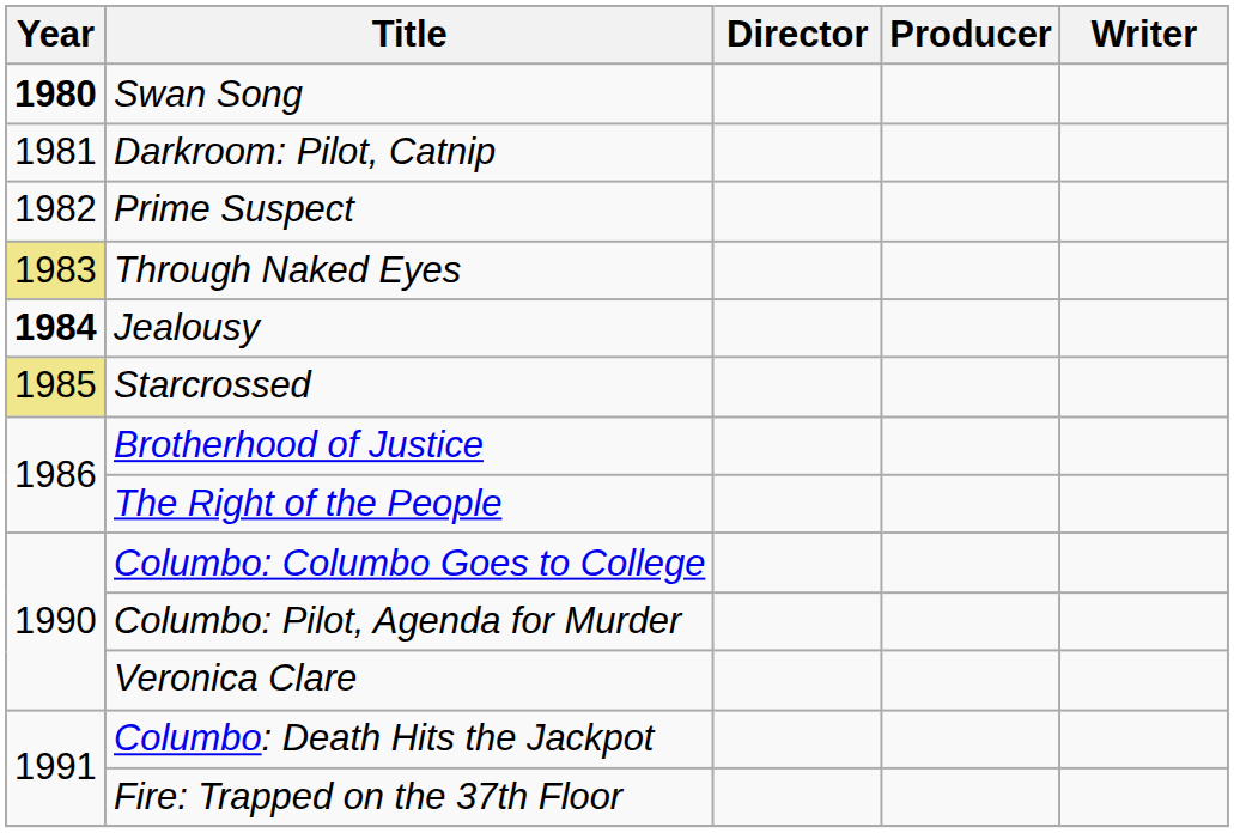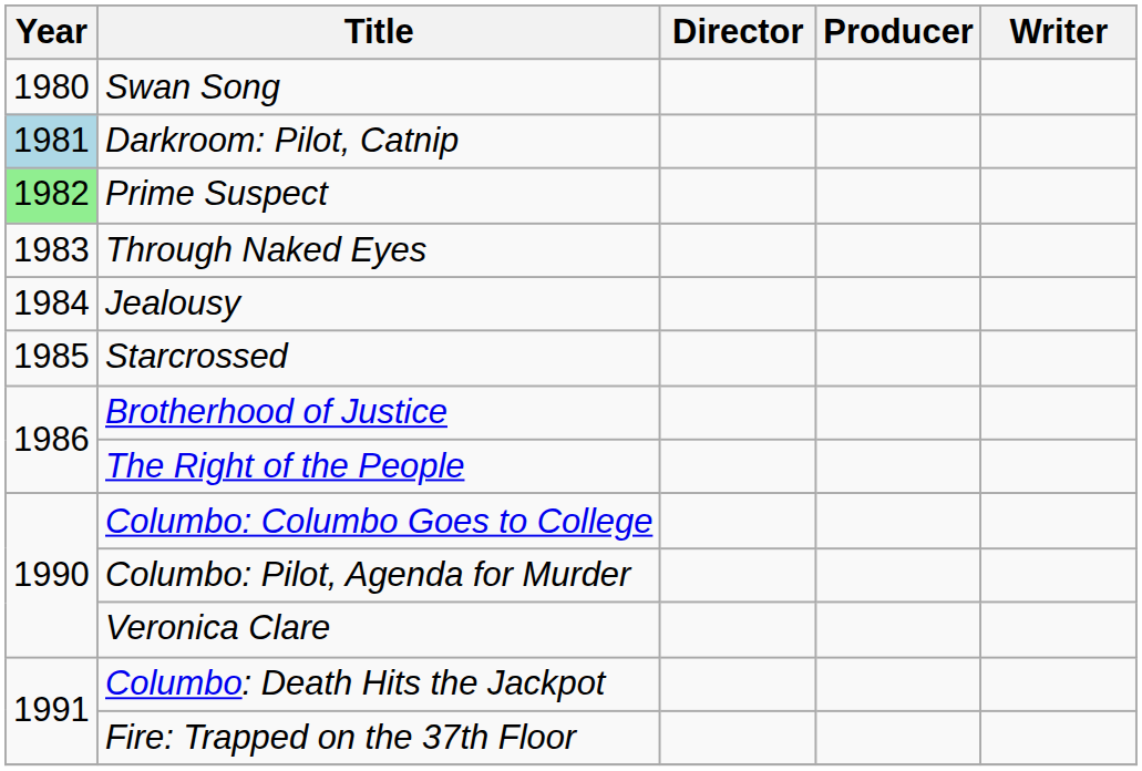 <table class="wikitable">
 <tr>
 <th>Year</th>
 <th>Title</th>
 <th width=65>Director</th>
 <th width=65>Producer</th>
 <th width=65>Writer</th>
 </tr>
 <tr>
-<td><strong>1980</strong></td>
+<td>1980</td>
 <td><em>Swan Song</em></td>
 <td></td>
 <td></td>
 <td></td>
 </tr>
 <tr>
-<td>1981</td>
+<td style="background: lightblue;">1981</td>
 <td><em>Darkroom: Pilot, Catnip</em></td>
 <td></td>
 <td></td>
 <td></td>
 </tr>
 <tr>
-<td>1982</td>
+<td style="background: lightgreen;">1982</td>
 <td><em>Prime Suspect</em></td>
 <td></td>
 <td></td>
 <td></td>
 </tr>
 <tr>
-<td style="background: khaki;">1983</td>
+<td>1983</td>
 <td><em>Through Naked Eyes</em></td>
 <td></td>
 <td></td>
 <td></td>
 </tr>
 <tr>
-<td><strong>1984</strong></td>
+<td>1984</td>
 <td><em>Jealousy</em></td>
 <td></td>
 <td></td>
 <td></td>
 </tr>
 <tr>
-<td style="background: khaki;">1985</td>
+<td>1985</td>
 <td><em>Starcrossed</em></td>
 <td></td>
 <td></td>
 <td></td>
 </tr>
 <tr>
 <td rowspan=2>1986</td>
 <td><em><a href='#'>Brotherhood of Justice</a></em></td>
 <td></td>
 <td></td>
 <td></td>
 </tr>
 <tr>
 <td><em><a href='#'>The Right of the People</a></em></td>
 <td></td>
 <td></td>
 <td></td>
 </tr>
 <tr>
 <td rowspan=3>1990</td>
 <td><em><a href='#'>Columbo: Columbo Goes to College</a></em></td>
 <td></td>
 <td></td>
 <td></td>
 </tr>
 <tr>
 <td><em>Columbo: Pilot, Agenda for Murder</em></td>
 <td></td>
 <td></td>
 <td></td>
 </tr>
 <tr>
 <td><em>Veronica Clare</em></td>
 <td></td>
 <td></td>
 <td></td>
 </tr>
 <tr>
 <td rowspan=2>1991</td>
 <td><em><a href='#'>Columbo</a>: Death Hits the Jackpot</em></td>
 <td></td>
 <td></td>
 <td></td>
 </tr>
 <tr>
 <td><em>Fire: Trapped on the 37th Floor</em></td>
 <td></td>
 <td></td>
 <td></td>
 </tr>
 <tr>
 </tr>
 </table>
